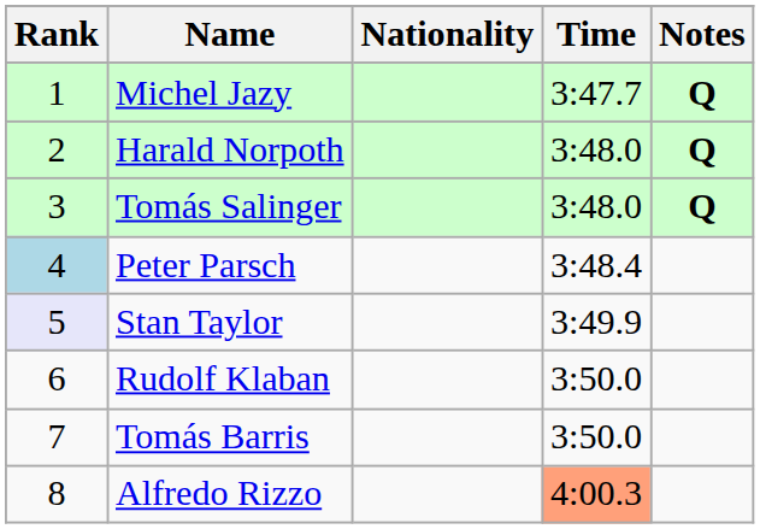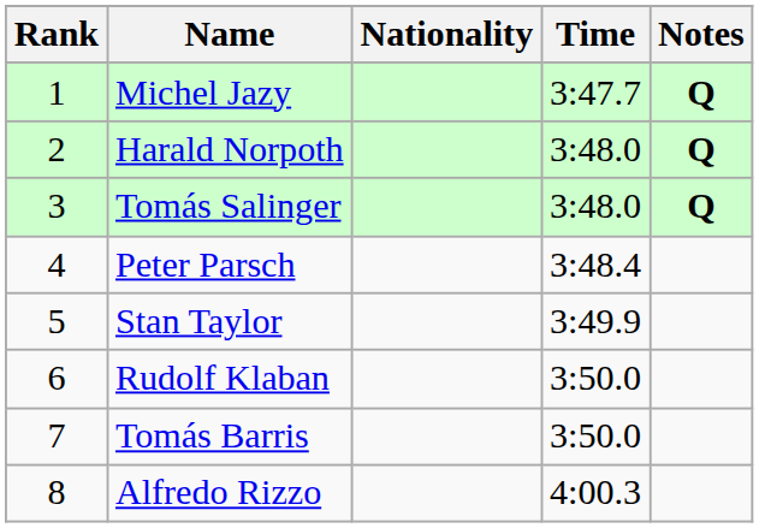 <table class="wikitable sortable" style="text-align:center">
 <tr>
 </tr>
 <tr>
 <th>Rank</th>
 <th>Name</th>
 <th>Nationality</th>
 <th>Time</th>
 <th>Notes</th>
 </tr>
 <tr bgcolor=ccffcc>
 <td>1</td>
 <td align=left><a href='#'>Michel Jazy</a></td>
 <td align=left></td>
 <td>3:47.7</td>
 <td><strong>Q</strong></td>
 </tr>
 <tr bgcolor=ccffcc>
 <td>2</td>
 <td align=left><a href='#'>Harald Norpoth</a></td>
 <td align=left></td>
 <td>3:48.0</td>
 <td><strong>Q</strong></td>
 </tr>
 <tr bgcolor=ccffcc>
 <td>3</td>
 <td align=left><a href='#'>Tomás Salinger</a></td>
 <td align=left></td>
 <td>3:48.0</td>
 <td><strong>Q</strong></td>
 </tr>
 <tr>
-<td style="background: lightblue;">4</td>
+<td>4</td>
 <td align=left><a href='#'>Peter Parsch</a></td>
 <td align=left></td>
 <td>3:48.4</td>
 <td></td>
 </tr>
 <tr>
-<td style="background: lavender;">5</td>
+<td>5</td>
 <td align=left><a href='#'>Stan Taylor</a></td>
 <td align=left></td>
 <td>3:49.9</td>
 <td></td>
 </tr>
 <tr>
 <td>6</td>
 <td align=left><a href='#'>Rudolf Klaban</a></td>
 <td align=left></td>
 <td>3:50.0</td>
 <td></td>
 </tr>
 <tr>
 <td>7</td>
 <td align=left><a href='#'>Tomás Barris</a></td>
 <td align=left></td>
 <td>3:50.0</td>
 <td></td>
 </tr>
 <tr>
 <td>8</td>
 <td align=left><a href='#'>Alfredo Rizzo</a></td>
 <td align=left></td>
-<td style="background: lightsalmon;">4:00.3</td>
+<td>4:00.3</td>
 <td></td>
 </tr>
 </table>
